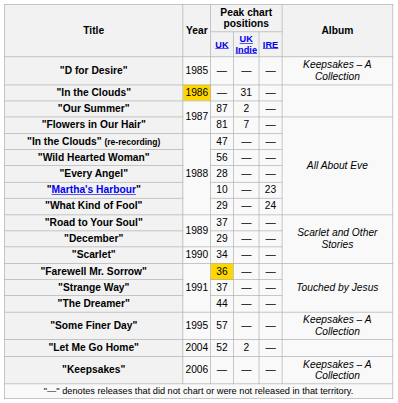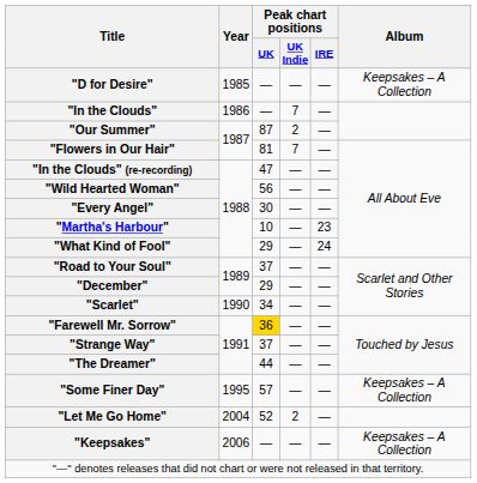 <table class="wikitable plainrowheaders" style="text-align:center;">
 <tr>
 <th rowspan="2" scope="col" style="width:17em;">Title</th>
 <th rowspan="2" scope="col" style="width:2em;">Year</th>
 <th colspan="3">Peak chart positions</th>
 <th rowspan="2">Album</th>
 </tr>
 <tr>
 <th scope="col" style="width:2em;font-size:90%;"><a href='#'>UK</a><br></th>
 <th scope="col" style="width:2em;font-size:90%;"><a href='#'>UK Indie</a><br></th>
 <th scope="col" style="width:2em;font-size:90%;"><a href='#'>IRE</a><br></th>
 </tr>
 <tr>
 <th scope="row">"D for Desire"</th>
 <td>1985</td>
 <td>—</td>
 <td>—</td>
 <td>—</td>
 <td><em>Keepsakes – A Collection</em></td>
 </tr>
 <tr>
 <th scope="row">"In the Clouds"</th>
-<td style="background: gold;">1986</td>
+<td>1986</td>
 <td>—</td>
-<td>31</td>
+<td>7</td>
 <td>—</td>
 </tr>
 <tr>
 <th scope="row">"Our Summer"</th>
 <td rowspan="2">1987</td>
 <td>87</td>
 <td>2</td>
 <td>—</td>
 </tr>
 <tr>
 <th scope="row">"Flowers in Our Hair"</th>
 <td>81</td>
 <td>7</td>
 <td>—</td>
 <td rowspan="6"><em>All About Eve</em></td>
 </tr>
 <tr>
 <th scope="row">"In the Clouds" <small>(re-recording)</small></th>
 <td rowspan="5">1988</td>
 <td>47</td>
 <td>—</td>
 <td>—</td>
 </tr>
 <tr>
 <th scope="row">"Wild Hearted Woman"</th>
 <td>56</td>
 <td>—</td>
 <td>—</td>
 </tr>
 <tr>
 <th scope="row">"Every Angel"</th>
-<td>28</td>
+<td>30</td>
 <td>—</td>
 <td>—</td>
 </tr>
 <tr>
 <th scope="row">"<a href='#'>Martha's Harbour</a>"</th>
 <td>10</td>
 <td>—</td>
 <td>23</td>
 </tr>
 <tr>
 <th scope="row">"What Kind of Fool"</th>
 <td>29</td>
 <td>—</td>
 <td>24</td>
 </tr>
 <tr>
 <th scope="row">"Road to Your Soul"</th>
 <td rowspan="2">1989</td>
 <td>37</td>
 <td>—</td>
 <td>—</td>
 <td rowspan="3"><em>Scarlet and Other Stories</em></td>
 </tr>
 <tr>
 <th scope="row">"December"</th>
 <td>29</td>
 <td>—</td>
 <td>—</td>
 </tr>
 <tr>
 <th scope="row">"Scarlet"</th>
 <td>1990</td>
 <td>34</td>
 <td>—</td>
 <td>—</td>
 </tr>
 <tr>
 <th scope="row">"Farewell Mr. Sorrow"</th>
 <td rowspan="3">1991</td>
 <td style="background: gold;">36</td>
 <td>—</td>
 <td>—</td>
 <td rowspan="3"><em>Touched by Jesus</em></td>
 </tr>
 <tr>
 <th scope="row">"Strange Way"</th>
 <td>37</td>
 <td>—</td>
 <td>—</td>
 </tr>
 <tr>
 <th scope="row">"The Dreamer"</th>
 <td>44</td>
 <td>—</td>
 <td>—</td>
 </tr>
 <tr>
 <th scope="row">"Some Finer Day"</th>
 <td>1995</td>
 <td>57</td>
 <td>—</td>
 <td>—</td>
 <td><em>Keepsakes – A Collection</em></td>
 </tr>
 <tr>
 <th scope="row">"Let Me Go Home"</th>
 <td>2004</td>
 <td>52</td>
 <td>2</td>
 <td>—</td>
 <td></td>
 </tr>
 <tr>
 <th scope="row">"Keepsakes"</th>
 <td>2006</td>
 <td>—</td>
 <td>—</td>
 <td>—</td>
 <td><em>Keepsakes – A Collection</em></td>
 </tr>
 <tr>
 <td colspan="6" style="font-size:90%">"—" denotes releases that did not chart or were not released in that territory.</td>
 </tr>
 </table>
